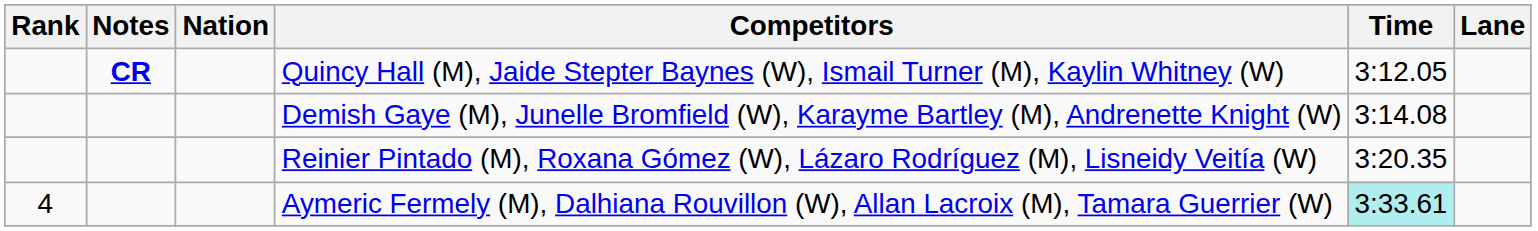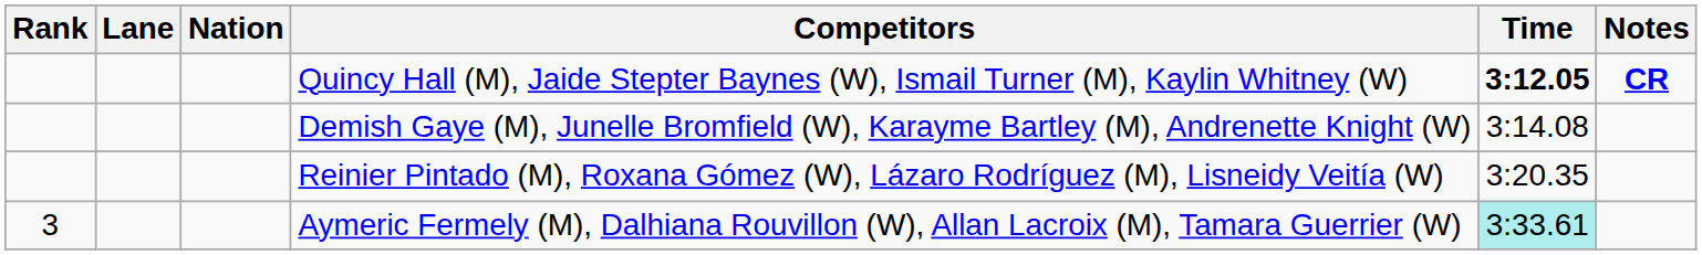 <table class="wikitable sortable" style="text-align:center">
 <tr>
 <th>Rank</th>
-<th>Notes</th>
+<th>Lane</th>
 <th>Nation</th>
 <th>Competitors</th>
 <th>Time</th>
-<th>Lane</th>
+<th>Notes</th>
 </tr>
 <tr>
 <td></td>
-<td><strong><a href='#'>CR</a></strong></td>
+<td></td>
 <td align=left></td>
 <td align=left><a href='#'>Quincy Hall</a> (M), <a href='#'>Jaide Stepter Baynes</a> (W), <a href='#'>Ismail Turner</a> (M), <a href='#'>Kaylin Whitney</a> (W)</td>
-<td>3:12.05</td>
-<td></td>
+<td><strong>3:12.05</strong></td>
+<td><strong><a href='#'>CR</a></strong></td>
 </tr>
 <tr>
 <td></td>
 <td></td>
 <td align=left></td>
 <td align=left><a href='#'>Demish Gaye</a> (M), <a href='#'>Junelle Bromfield</a> (W), <a href='#'>Karayme Bartley</a> (M), <a href='#'>Andrenette Knight</a> (W)</td>
 <td>3:14.08</td>
 <td></td>
 </tr>
 <tr>
 <td></td>
 <td></td>
 <td align=left></td>
 <td align=left><a href='#'>Reinier Pintado</a> (M), <a href='#'>Roxana Gómez</a> (W), <a href='#'>Lázaro Rodríguez</a> (M), <a href='#'>Lisneidy Veitía</a> (W)</td>
 <td>3:20.35</td>
 <td></td>
 </tr>
 <tr>
-<td>4</td>
+<td>3</td>
 <td></td>
 <td align=left></td>
 <td align=left><a href='#'>Aymeric Fermely</a> (M), <a href='#'>Dalhiana Rouvillon</a> (W), <a href='#'>Allan Lacroix</a> (M), <a href='#'>Tamara Guerrier</a> (W)</td>
 <td style="background: paleturquoise;">3:33.61</td>
 <td></td>
 </tr>
 </table>
